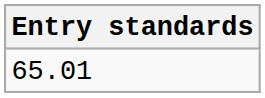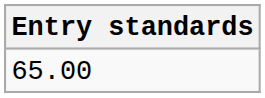 <table class="wikitable" border="1" align="upright">
 <tr>
 <th>Entry standards</th>
 </tr>
 <tr>
-<td>65.01</td>
+<td>65.00</td>
 </tr>
 </table>
